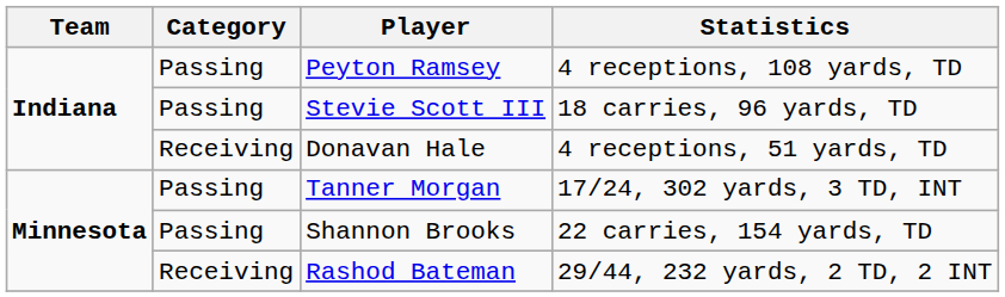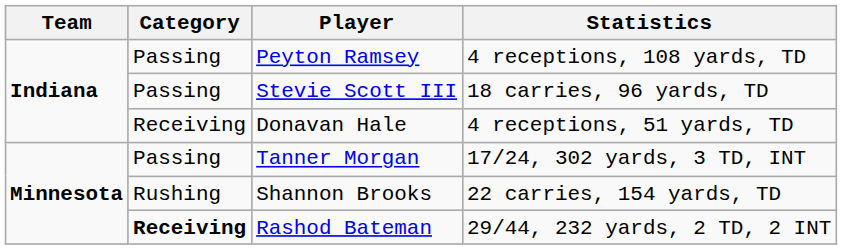 <table class="wikitable" style="float: right;">
 <tr>
 <th>Team</th>
 <th>Category</th>
 <th>Player</th>
 <th>Statistics</th>
 </tr>
 <tr>
 <td rowspan=3><strong>Indiana</strong></td>
 <td>Passing</td>
 <td><a href='#'>Peyton Ramsey</a></td>
 <td>4 receptions, 108 yards, TD</td>
 </tr>
 <tr>
 <td>Passing</td>
 <td><a href='#'>Stevie Scott III</a></td>
 <td>18 carries, 96 yards, TD</td>
 </tr>
 <tr>
 <td>Receiving</td>
 <td>Donavan Hale</td>
 <td>4 receptions, 51 yards, TD</td>
 </tr>
 <tr>
 <td rowspan=3><strong>Minnesota</strong></td>
 <td>Passing</td>
 <td><a href='#'>Tanner Morgan</a></td>
 <td>17/24, 302 yards, 3 TD, INT</td>
 </tr>
 <tr>
-<td>Passing</td>
+<td>Rushing</td>
 <td>Shannon Brooks</td>
 <td>22 carries, 154 yards, TD</td>
 </tr>
 <tr>
-<td>Receiving</td>
+<td><strong>Receiving</strong></td>
 <td><a href='#'>Rashod Bateman</a></td>
 <td>29/44, 232 yards, 2 TD, 2 INT</td>
 </tr>
 </table>
